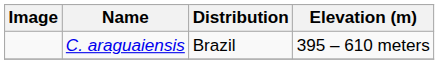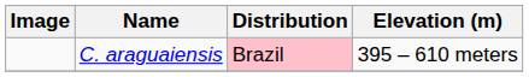 <table class="wikitable collapsible">
 <tr>
 <th>Image</th>
 <th>Name</th>
 <th>Distribution</th>
 <th>Elevation (m)</th>
 </tr>
 <tr>
 <td></td>
 <td><em><a href='#'>C. araguaiensis</a></em></td>
-<td>Brazil</td>
+<td style="background: pink;">Brazil</td>
 <td>395 – 610 meters</td>
 </tr>
 <tr>
 </tr>
 </table>
